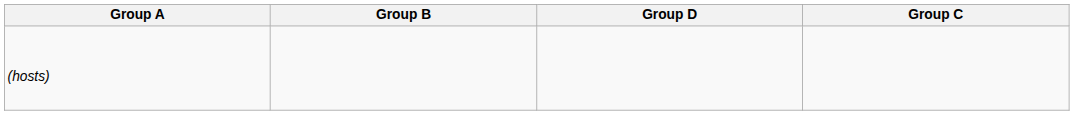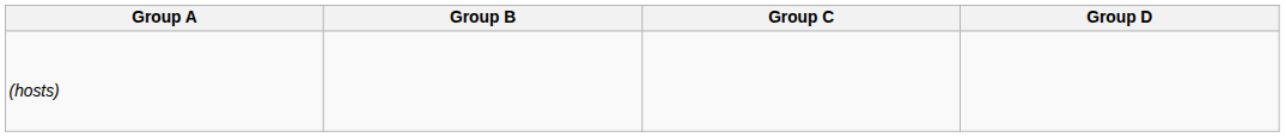 <table class="wikitable" style="width:98%">
 <tr>
 <th width=25%>Group A</th>
 <th width=25%>Group B</th>
+<th width=25%>Group C</th>
 <th width=25%>Group D</th>
-<th width=25%>Group C</th>
 </tr>
 <tr>
 <td><br> <br>  <em>(hosts)</em> <br>  <br> </td>
 <td><br> <br>  <br>  <br> </td>
+<td><br> <br>  <br>  <br>  <br></td>
 <td><br> <br>  <br>  <br> </td>
-<td><br> <br>  <br>  <br>  <br></td>
 </tr>
 </table>
